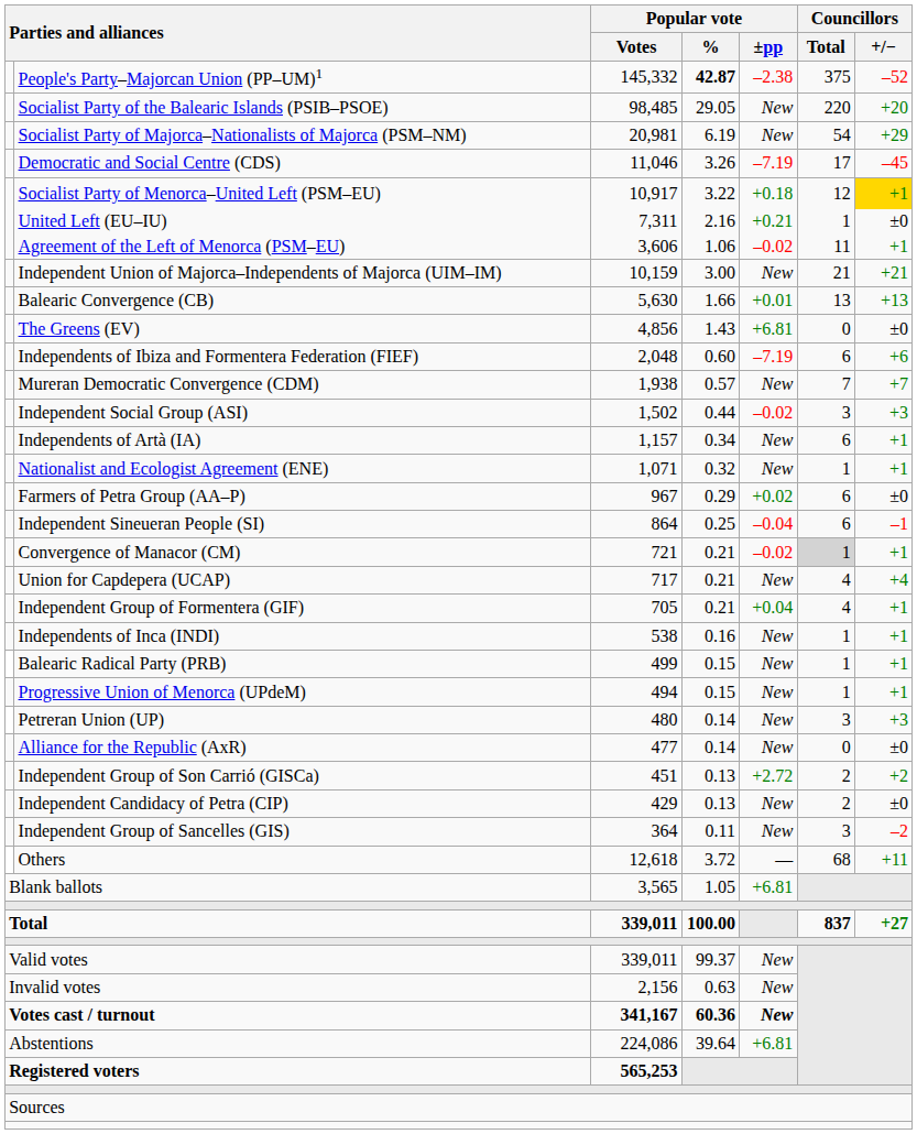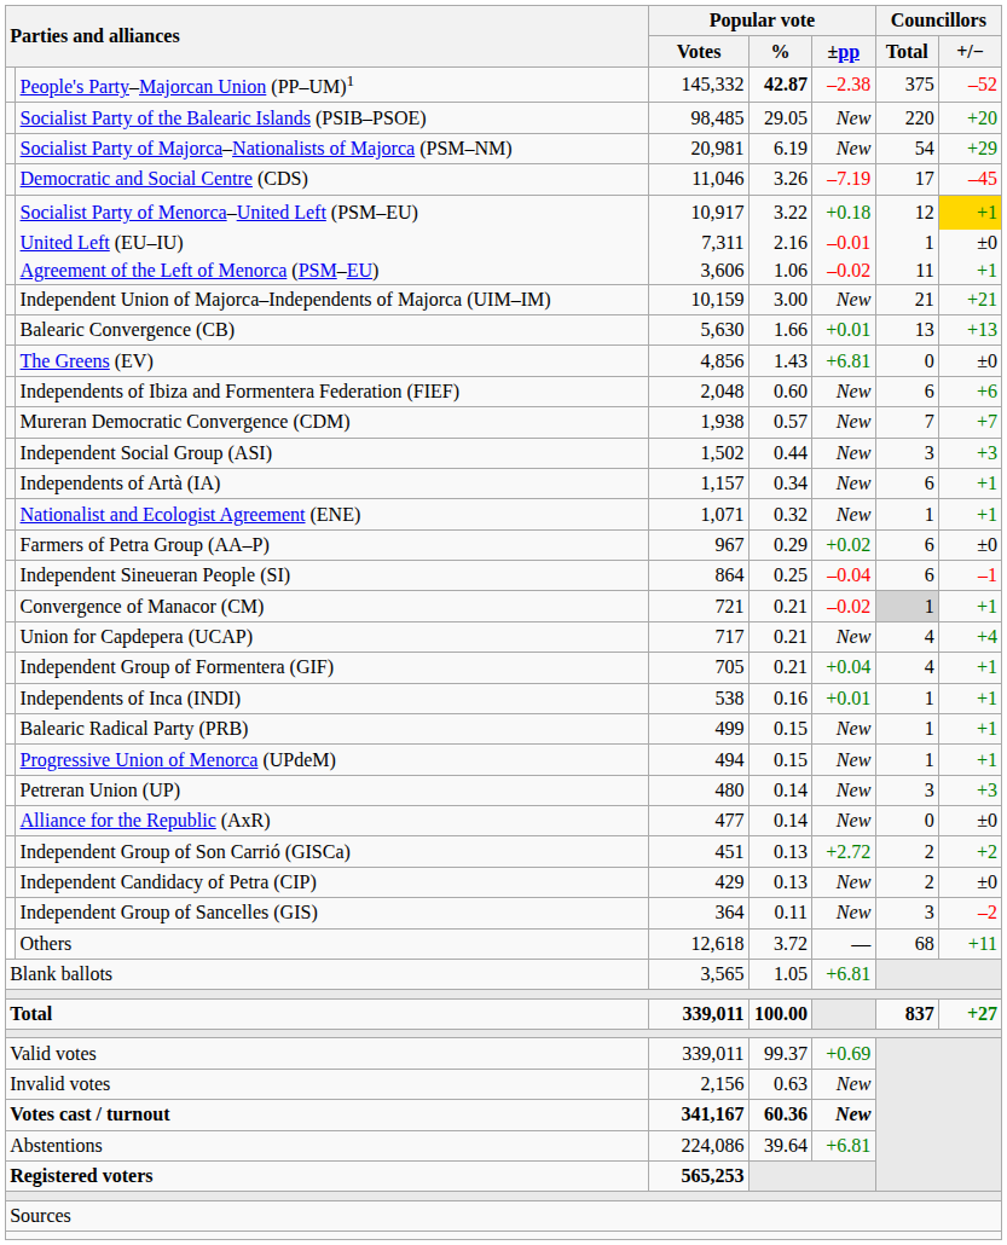 <table class="wikitable" style="text-align:right;">
 <tr>
 <th style="text-align:left;" rowspan="2" colspan="2" width="525">Parties and alliances</th>
 <th colspan="3">Popular vote</th>
 <th colspan="2">Councillors</th>
 </tr>
 <tr>
 <th width="75">Votes</th>
 <th width="45">%</th>
 <th width="45">±<a href='#'>pp</a></th>
 <th width="45">Total</th>
 <th width="45">+/−</th>
 </tr>
 <tr>
 <td width="1" style="color:inherit;background:"></td>
 <td align="left"><a href='#'>People's Party</a>–<a href='#'>Majorcan Union</a> (PP–UM)<sup>1</sup></td>
 <td>145,332</td>
 <td><strong>42.87</strong></td>
 <td style="color:red;">–2.38</td>
 <td>375</td>
 <td style="color:red;">–52</td>
 </tr>
 <tr>
 <td style="color:inherit;background:"></td>
 <td align="left"><a href='#'>Socialist Party of the Balearic Islands</a> (PSIB–PSOE)</td>
 <td>98,485</td>
 <td>29.05</td>
 <td><em>New</em></td>
 <td>220</td>
 <td style="color:green;">+20</td>
 </tr>
 <tr>
 <td style="color:inherit;background:"></td>
 <td align="left"><a href='#'>Socialist Party of Majorca</a>–<a href='#'>Nationalists of Majorca</a> (PSM–NM)</td>
 <td>20,981</td>
 <td>6.19</td>
 <td><em>New</em></td>
 <td>54</td>
 <td style="color:green;">+29</td>
 </tr>
 <tr>
 <td style="color:inherit;background:"></td>
 <td align="left"><a href='#'>Democratic and Social Centre</a> (CDS)</td>
 <td>11,046</td>
 <td>3.26</td>
 <td style="color:red;">–7.19</td>
 <td>17</td>
 <td style="color:red;">–45</td>
 </tr>
 <tr style="line-height:22px;">
 <td rowspan="3" style="color:inherit;background:"></td>
 <td align="left"><a href='#'>Socialist Party of Menorca</a>–<a href='#'>United Left</a> (PSM–EU)</td>
 <td>10,917</td>
 <td>3.22</td>
 <td style="color:green;">+0.18</td>
 <td>12</td>
 <td style="background: gold; color:green;">+1</td>
 </tr>
 <tr style="border-bottom-style:hidden; border-top-style:hidden; line-height:16px;">
 <td align="left"><span><a href='#'>United Left</a> (EU–IU)</span></td>
 <td>7,311</td>
 <td>2.16</td>
-<td style="color:green;">+0.21</td>
+<td style="color:red;">–0.01</td>
 <td>1</td>
 <td>±0</td>
 </tr>
 <tr style="line-height:16px;">
 <td align="left"><span><a href='#'>Agreement of the Left of Menorca</a> (<a href='#'>PSM</a>–<a href='#'>EU</a>)</span></td>
 <td>3,606</td>
 <td>1.06</td>
 <td style="color:red;">–0.02</td>
 <td>11</td>
 <td style="color:green;">+1</td>
 </tr>
 <tr>
 <td style="color:inherit;background:"></td>
 <td align="left">Independent Union of Majorca–Independents of Majorca (UIM–IM)</td>
 <td>10,159</td>
 <td>3.00</td>
 <td><em>New</em></td>
 <td>21</td>
 <td style="color:green;">+21</td>
 </tr>
 <tr>
 <td style="color:inherit;background:"></td>
 <td align="left">Balearic Convergence (CB)</td>
 <td>5,630</td>
 <td>1.66</td>
 <td style="color:green;">+0.01</td>
 <td>13</td>
 <td style="color:green;">+13</td>
 </tr>
 <tr>
 <td style="color:inherit;background:"></td>
 <td align="left"><a href='#'>The Greens</a> (EV)</td>
 <td>4,856</td>
 <td>1.43</td>
 <td style="color:green;">+6.81</td>
 <td>0</td>
 <td>±0</td>
 </tr>
 <tr>
 <td style="color:inherit;background:"></td>
 <td align="left">Independents of Ibiza and Formentera Federation (FIEF)</td>
 <td>2,048</td>
 <td>0.60</td>
-<td style="color:red;">–7.19</td>
+<td><em>New</em></td>
 <td>6</td>
 <td style="color:green;">+6</td>
 </tr>
 <tr>
 <td style="color:inherit;background:"></td>
 <td align="left">Mureran Democratic Convergence (CDM)</td>
 <td>1,938</td>
 <td>0.57</td>
 <td><em>New</em></td>
 <td>7</td>
 <td style="color:green;">+7</td>
 </tr>
 <tr>
 <td style="color:inherit;background:"></td>
 <td align="left">Independent Social Group (ASI)</td>
 <td>1,502</td>
 <td>0.44</td>
-<td style="color:red;">–0.02</td>
+<td><em>New</em></td>
 <td>3</td>
 <td style="color:green;">+3</td>
 </tr>
 <tr>
 <td style="color:inherit;background:"></td>
 <td align="left">Independents of Artà (IA)</td>
 <td>1,157</td>
 <td>0.34</td>
 <td><em>New</em></td>
 <td>6</td>
 <td style="color:green;">+1</td>
 </tr>
 <tr>
 <td style="color:inherit;background:"></td>
 <td align="left"><a href='#'>Nationalist and Ecologist Agreement</a> (ENE)</td>
 <td>1,071</td>
 <td>0.32</td>
 <td><em>New</em></td>
 <td>1</td>
 <td style="color:green;">+1</td>
 </tr>
 <tr>
 <td style="color:inherit;background:"></td>
 <td align="left">Farmers of Petra Group (AA–P)</td>
 <td>967</td>
 <td>0.29</td>
 <td style="color:green;">+0.02</td>
 <td>6</td>
 <td>±0</td>
 </tr>
 <tr>
 <td style="color:inherit;background:"></td>
 <td align="left">Independent Sineueran People (SI)</td>
 <td>864</td>
 <td>0.25</td>
 <td style="color:red;">–0.04</td>
 <td>6</td>
 <td style="color:red;">–1</td>
 </tr>
 <tr>
 <td style="color:inherit;background:"></td>
 <td align="left">Convergence of Manacor (CM)</td>
 <td>721</td>
 <td>0.21</td>
 <td style="color:red;">–0.02</td>
 <td style="background: lightgrey;">1</td>
 <td style="color:green;">+1</td>
 </tr>
 <tr>
 <td style="color:inherit;background:"></td>
 <td align="left">Union for Capdepera (UCAP)</td>
 <td>717</td>
 <td>0.21</td>
 <td><em>New</em></td>
 <td>4</td>
 <td style="color:green;">+4</td>
 </tr>
 <tr>
 <td style="color:inherit;background:"></td>
 <td align="left">Independent Group of Formentera (GIF)</td>
 <td>705</td>
 <td>0.21</td>
 <td style="color:green;">+0.04</td>
 <td>4</td>
 <td style="color:green;">+1</td>
 </tr>
 <tr>
 <td style="color:inherit;background:"></td>
 <td align="left">Independents of Inca (INDI)</td>
 <td>538</td>
 <td>0.16</td>
-<td><em>New</em></td>
+<td style="color:green;">+0.01</td>
 <td>1</td>
 <td style="color:green;">+1</td>
 </tr>
 <tr>
 <td bgcolor="white"></td>
 <td align="left">Balearic Radical Party (PRB)</td>
 <td>499</td>
 <td>0.15</td>
 <td><em>New</em></td>
 <td>1</td>
 <td style="color:green;">+1</td>
 </tr>
 <tr>
 <td style="color:inherit;background:"></td>
 <td align="left"><a href='#'>Progressive Union of Menorca</a> (UPdeM)</td>
 <td>494</td>
 <td>0.15</td>
 <td><em>New</em></td>
 <td>1</td>
 <td style="color:green;">+1</td>
 </tr>
 <tr>
 <td bgcolor="white"></td>
 <td align="left">Petreran Union (UP)</td>
 <td>480</td>
 <td>0.14</td>
 <td><em>New</em></td>
 <td>3</td>
 <td style="color:green;">+3</td>
 </tr>
 <tr>
 <td style="color:inherit;background:"></td>
 <td align="left"><a href='#'>Alliance for the Republic</a> (AxR)</td>
 <td>477</td>
 <td>0.14</td>
 <td><em>New</em></td>
 <td>0</td>
 <td>±0</td>
 </tr>
 <tr>
 <td style="color:inherit;background:"></td>
 <td align="left">Independent Group of Son Carrió (GISCa)</td>
 <td>451</td>
 <td>0.13</td>
 <td style="color:green;">+2.72</td>
 <td>2</td>
 <td style="color:green;">+2</td>
 </tr>
 <tr>
 <td style="color:inherit;background:"></td>
 <td align="left">Independent Candidacy of Petra (CIP)</td>
 <td>429</td>
 <td>0.13</td>
 <td><em>New</em></td>
 <td>2</td>
 <td>±0</td>
 </tr>
 <tr>
 <td style="color:inherit;background:"></td>
 <td align="left">Independent Group of Sancelles (GIS)</td>
 <td>364</td>
 <td>0.11</td>
 <td><em>New</em></td>
 <td>3</td>
 <td style="color:red;">–2</td>
 </tr>
 <tr>
 <td bgcolor="white"></td>
 <td align="left">Others</td>
 <td>12,618</td>
 <td>3.72</td>
 <td>—</td>
 <td>68</td>
 <td style="color:green;">+11</td>
 </tr>
 <tr>
 <td align="left" colspan="2">Blank ballots</td>
 <td>3,565</td>
 <td>1.05</td>
 <td style="color:green;">+6.81</td>
 <td bgcolor="#E9E9E9" colspan="2"></td>
 </tr>
 <tr>
 <td colspan="7" bgcolor="#E9E9E9"></td>
 </tr>
 <tr style="font-weight:bold;">
 <td align="left" colspan="2">Total</td>
 <td>339,011</td>
 <td>100.00</td>
 <td bgcolor="#E9E9E9"></td>
 <td>837</td>
 <td style="color:green;">+27</td>
 </tr>
 <tr>
 <td colspan="7" bgcolor="#E9E9E9"></td>
 </tr>
 <tr>
 <td align="left" colspan="2">Valid votes</td>
 <td>339,011</td>
 <td>99.37</td>
-<td><em>New</em></td>
+<td style="color:green;">+0.69</td>
 <td bgcolor="#E9E9E9" colspan="2" rowspan="5"></td>
 </tr>
 <tr>
 <td align="left" colspan="2">Invalid votes</td>
 <td>2,156</td>
 <td>0.63</td>
 <td><em>New</em></td>
 </tr>
 <tr style="font-weight:bold;">
 <td align="left" colspan="2">Votes cast / turnout</td>
 <td>341,167</td>
 <td>60.36</td>
 <td><em>New</em></td>
 </tr>
 <tr>
 <td align="left" colspan="2">Abstentions</td>
 <td>224,086</td>
 <td>39.64</td>
 <td style="color:green;">+6.81</td>
 </tr>
 <tr style="font-weight:bold;">
 <td align="left" colspan="2">Registered voters</td>
 <td>565,253</td>
 <td bgcolor="#E9E9E9" colspan="2"></td>
 </tr>
 <tr>
 <td colspan="7" bgcolor="#E9E9E9"></td>
 </tr>
 <tr>
 <td align="left" colspan="7">Sources</td>
 </tr>
 <tr>
 <td colspan="7" style="text-align:left; max-width:790px;"></td>
 </tr>
 </table>
